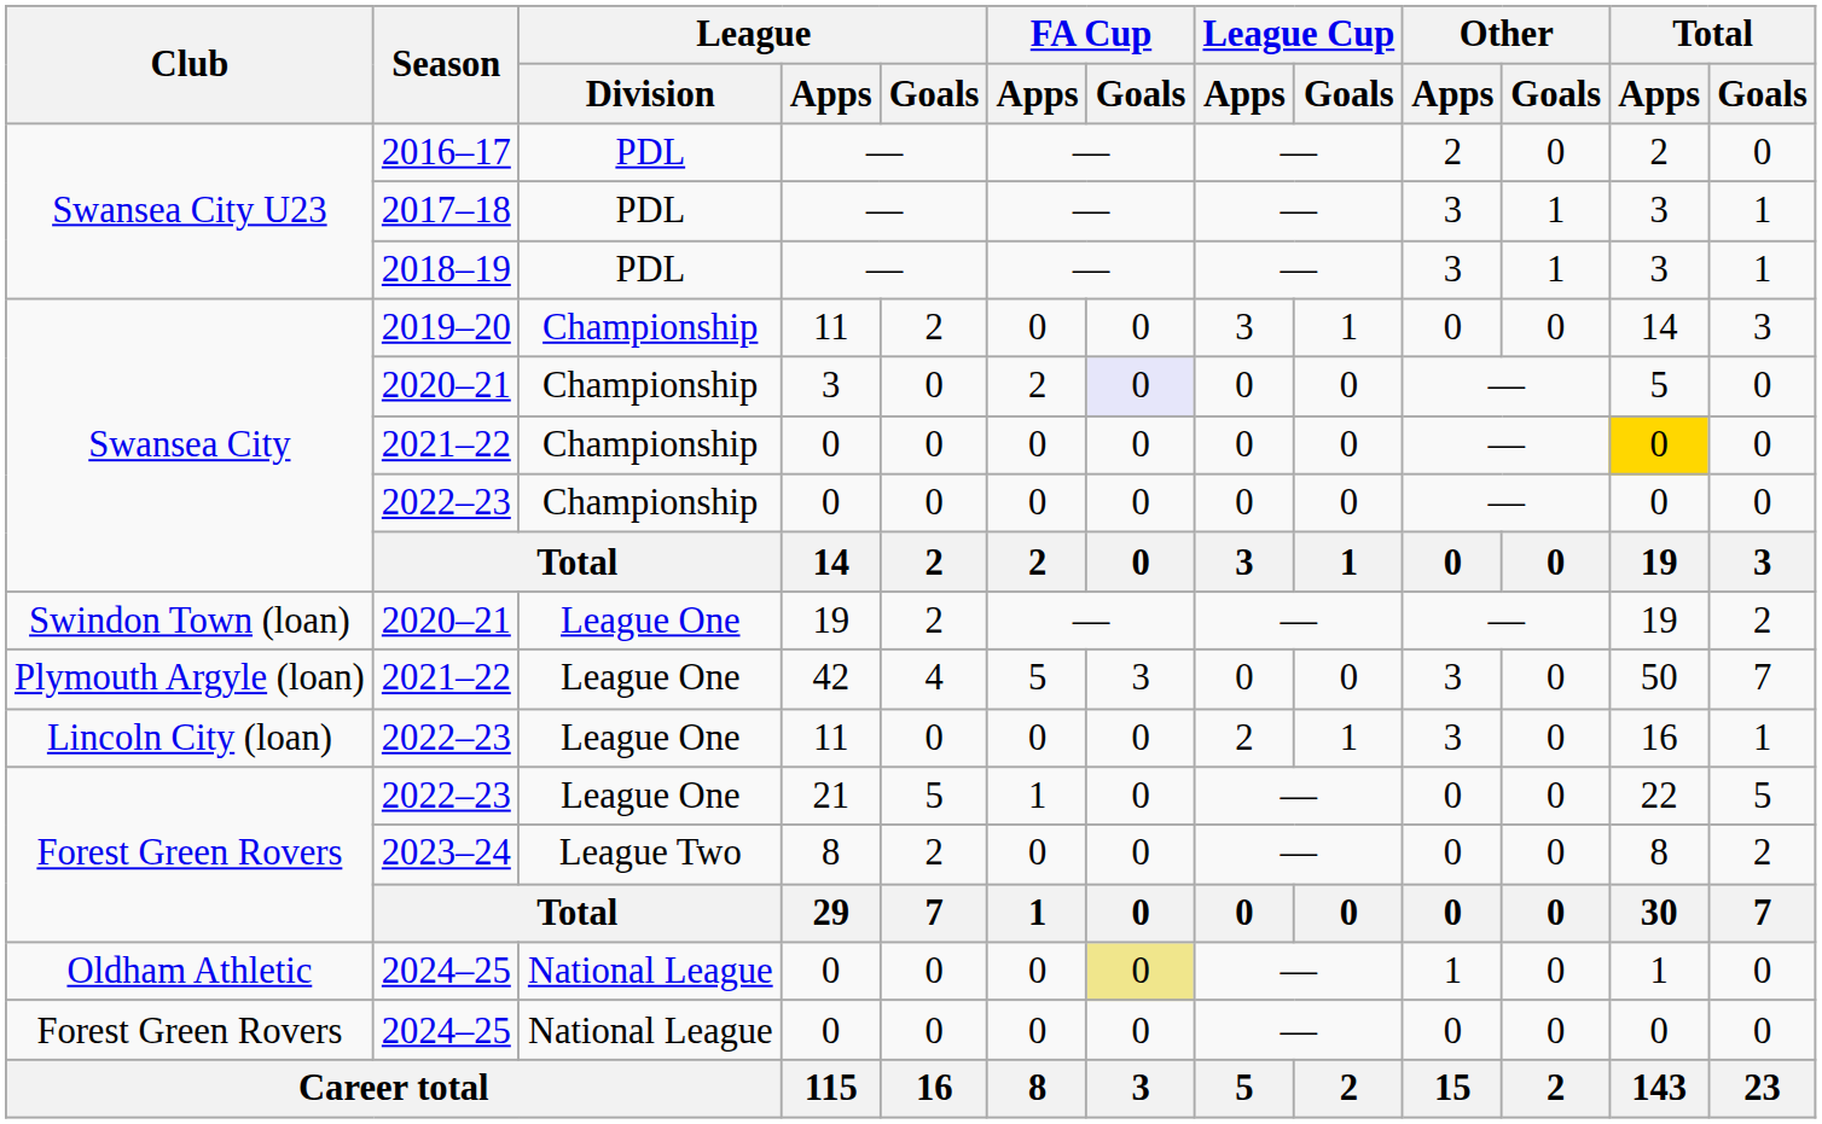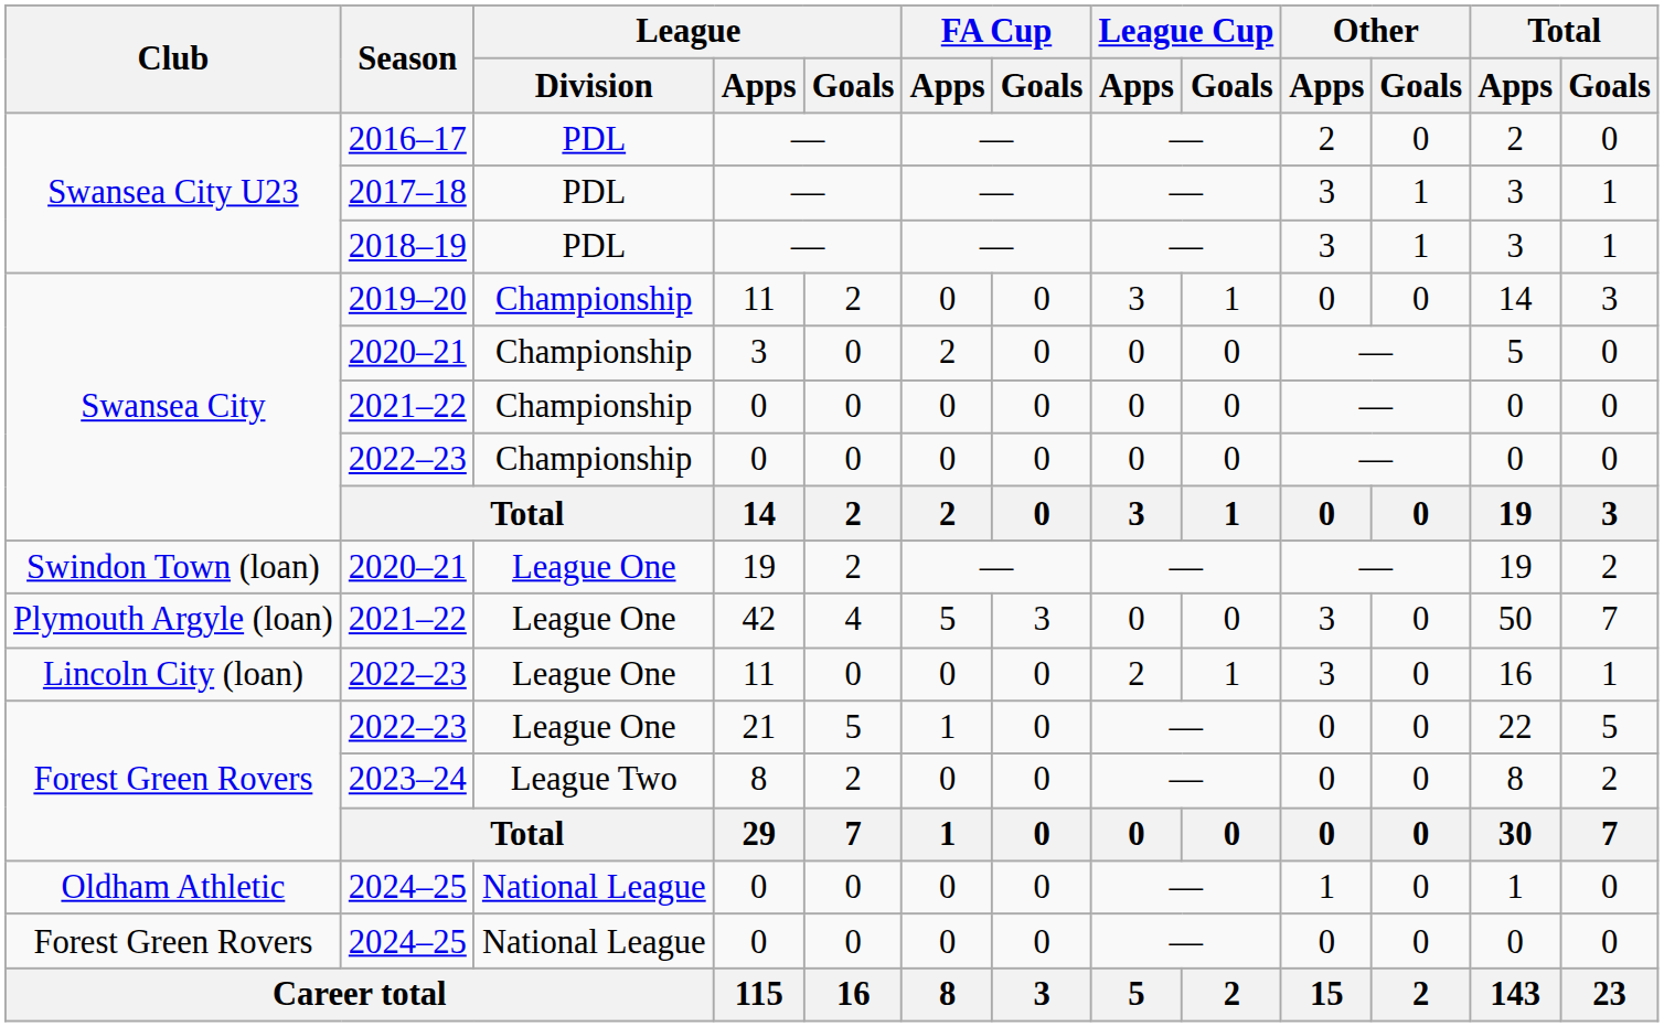 <table class="wikitable" style="text-align:center">
 <tr>
 <th rowspan="2">Club</th>
 <th rowspan="2">Season</th>
 <th colspan="3">League</th>
 <th colspan="2"><a href='#'>FA Cup</a></th>
 <th colspan="2"><a href='#'>League Cup</a></th>
 <th colspan="2">Other</th>
 <th colspan="2">Total</th>
 </tr>
 <tr>
 <th>Division</th>
 <th>Apps</th>
 <th>Goals</th>
 <th>Apps</th>
 <th>Goals</th>
 <th>Apps</th>
 <th>Goals</th>
 <th>Apps</th>
 <th>Goals</th>
 <th>Apps</th>
 <th>Goals</th>
 </tr>
 <tr>
 <td rowspan="3"><a href='#'>Swansea City U23</a></td>
 <td><a href='#'>2016–17</a></td>
 <td><a href='#'>PDL</a></td>
 <td colspan="2">—</td>
 <td colspan="2">—</td>
 <td colspan="2">—</td>
 <td>2</td>
 <td>0</td>
 <td>2</td>
 <td>0</td>
 </tr>
 <tr>
 <td><a href='#'>2017–18</a></td>
 <td>PDL</td>
 <td colspan="2">—</td>
 <td colspan="2">—</td>
 <td colspan="2">—</td>
 <td>3</td>
 <td>1</td>
 <td>3</td>
 <td>1</td>
 </tr>
 <tr>
 <td><a href='#'>2018–19</a></td>
 <td>PDL</td>
 <td colspan="2">—</td>
 <td colspan="2">—</td>
 <td colspan="2">—</td>
 <td>3</td>
 <td>1</td>
 <td>3</td>
 <td>1</td>
 </tr>
 <tr>
 <td rowspan="5"><a href='#'>Swansea City</a></td>
 <td><a href='#'>2019–20</a></td>
 <td><a href='#'>Championship</a></td>
 <td>11</td>
 <td>2</td>
 <td>0</td>
 <td>0</td>
 <td>3</td>
 <td>1</td>
 <td>0</td>
 <td>0</td>
 <td>14</td>
 <td>3</td>
 </tr>
 <tr>
 <td><a href='#'>2020–21</a></td>
 <td>Championship</td>
 <td>3</td>
 <td>0</td>
 <td>2</td>
-<td style="background: lavender;">0</td>
+<td>0</td>
 <td>0</td>
 <td>0</td>
 <td colspan="2">—</td>
 <td>5</td>
 <td>0</td>
 </tr>
 <tr>
 <td><a href='#'>2021–22</a></td>
 <td>Championship</td>
 <td>0</td>
 <td>0</td>
 <td>0</td>
 <td>0</td>
 <td>0</td>
 <td>0</td>
 <td colspan="2">—</td>
-<td style="background: gold;">0</td>
+<td>0</td>
 <td>0</td>
 </tr>
 <tr>
 <td><a href='#'>2022–23</a></td>
 <td>Championship</td>
 <td>0</td>
 <td>0</td>
 <td>0</td>
 <td>0</td>
 <td>0</td>
 <td>0</td>
 <td colspan="2">—</td>
 <td>0</td>
 <td>0</td>
 </tr>
 <tr>
 <th colspan="2">Total</th>
 <th>14</th>
 <th>2</th>
 <th>2</th>
 <th>0</th>
 <th>3</th>
 <th>1</th>
 <th>0</th>
 <th>0</th>
 <th>19</th>
 <th>3</th>
 </tr>
 <tr>
 <td><a href='#'>Swindon Town</a> (loan)</td>
 <td><a href='#'>2020–21</a></td>
 <td><a href='#'>League One</a></td>
 <td>19</td>
 <td>2</td>
 <td colspan="2">—</td>
 <td colspan="2">—</td>
 <td colspan="2">—</td>
 <td>19</td>
 <td>2</td>
 </tr>
 <tr>
 <td><a href='#'>Plymouth Argyle</a> (loan)</td>
 <td><a href='#'>2021–22</a></td>
 <td>League One</td>
 <td>42</td>
 <td>4</td>
 <td>5</td>
 <td>3</td>
 <td>0</td>
 <td>0</td>
 <td>3</td>
 <td>0</td>
 <td>50</td>
 <td>7</td>
 </tr>
 <tr>
 <td><a href='#'>Lincoln City</a> (loan)</td>
 <td><a href='#'>2022–23</a></td>
 <td>League One</td>
 <td>11</td>
 <td>0</td>
 <td>0</td>
 <td>0</td>
 <td>2</td>
 <td>1</td>
 <td>3</td>
 <td>0</td>
 <td>16</td>
 <td>1</td>
 </tr>
 <tr>
 <td rowspan="3"><a href='#'>Forest Green Rovers</a></td>
 <td><a href='#'>2022–23</a></td>
 <td>League One</td>
 <td>21</td>
 <td>5</td>
 <td>1</td>
 <td>0</td>
 <td colspan="2">—</td>
 <td>0</td>
 <td>0</td>
 <td>22</td>
 <td>5</td>
 </tr>
 <tr>
 <td><a href='#'>2023–24</a></td>
 <td>League Two</td>
 <td>8</td>
 <td>2</td>
 <td>0</td>
 <td>0</td>
 <td colspan="2">—</td>
 <td>0</td>
 <td>0</td>
 <td>8</td>
 <td>2</td>
 </tr>
 <tr>
 <th colspan="2">Total</th>
 <th>29</th>
 <th>7</th>
 <th>1</th>
 <th>0</th>
 <th>0</th>
 <th>0</th>
 <th>0</th>
 <th>0</th>
 <th>30</th>
 <th>7</th>
 </tr>
 <tr>
 <td rowspan="1"><a href='#'>Oldham Athletic</a></td>
 <td><a href='#'>2024–25</a></td>
 <td><a href='#'>National League</a></td>
 <td>0</td>
 <td>0</td>
 <td>0</td>
-<td style="background: khaki;">0</td>
+<td>0</td>
 <td colspan="2">—</td>
 <td>1</td>
 <td>0</td>
 <td>1</td>
 <td>0</td>
 </tr>
 <tr>
 <td rowspan="1">Forest Green Rovers</td>
 <td><a href='#'>2024–25</a></td>
 <td>National League</td>
 <td>0</td>
 <td>0</td>
 <td>0</td>
 <td>0</td>
 <td colspan="2">—</td>
 <td>0</td>
 <td>0</td>
 <td>0</td>
 <td>0</td>
 </tr>
 <tr>
 <th colspan="3">Career total</th>
 <th>115</th>
 <th>16</th>
 <th>8</th>
 <th>3</th>
 <th>5</th>
 <th>2</th>
 <th>15</th>
 <th>2</th>
 <th>143</th>
 <th>23</th>
 </tr>
 </table>
